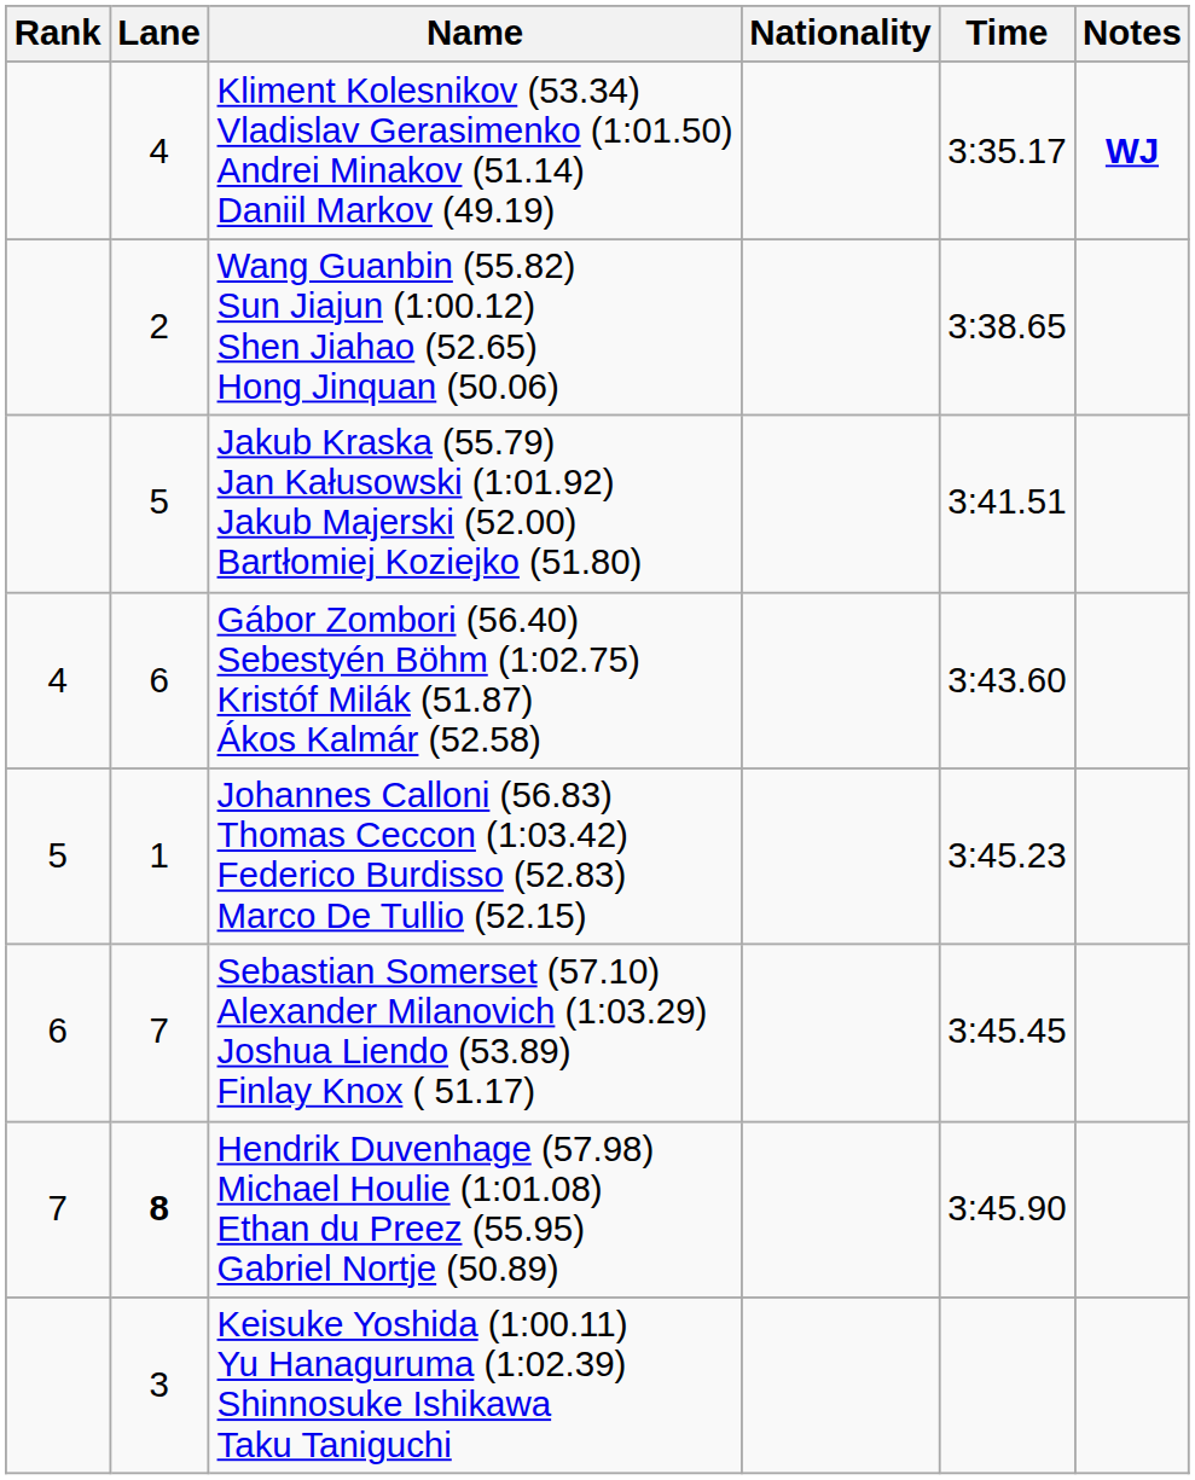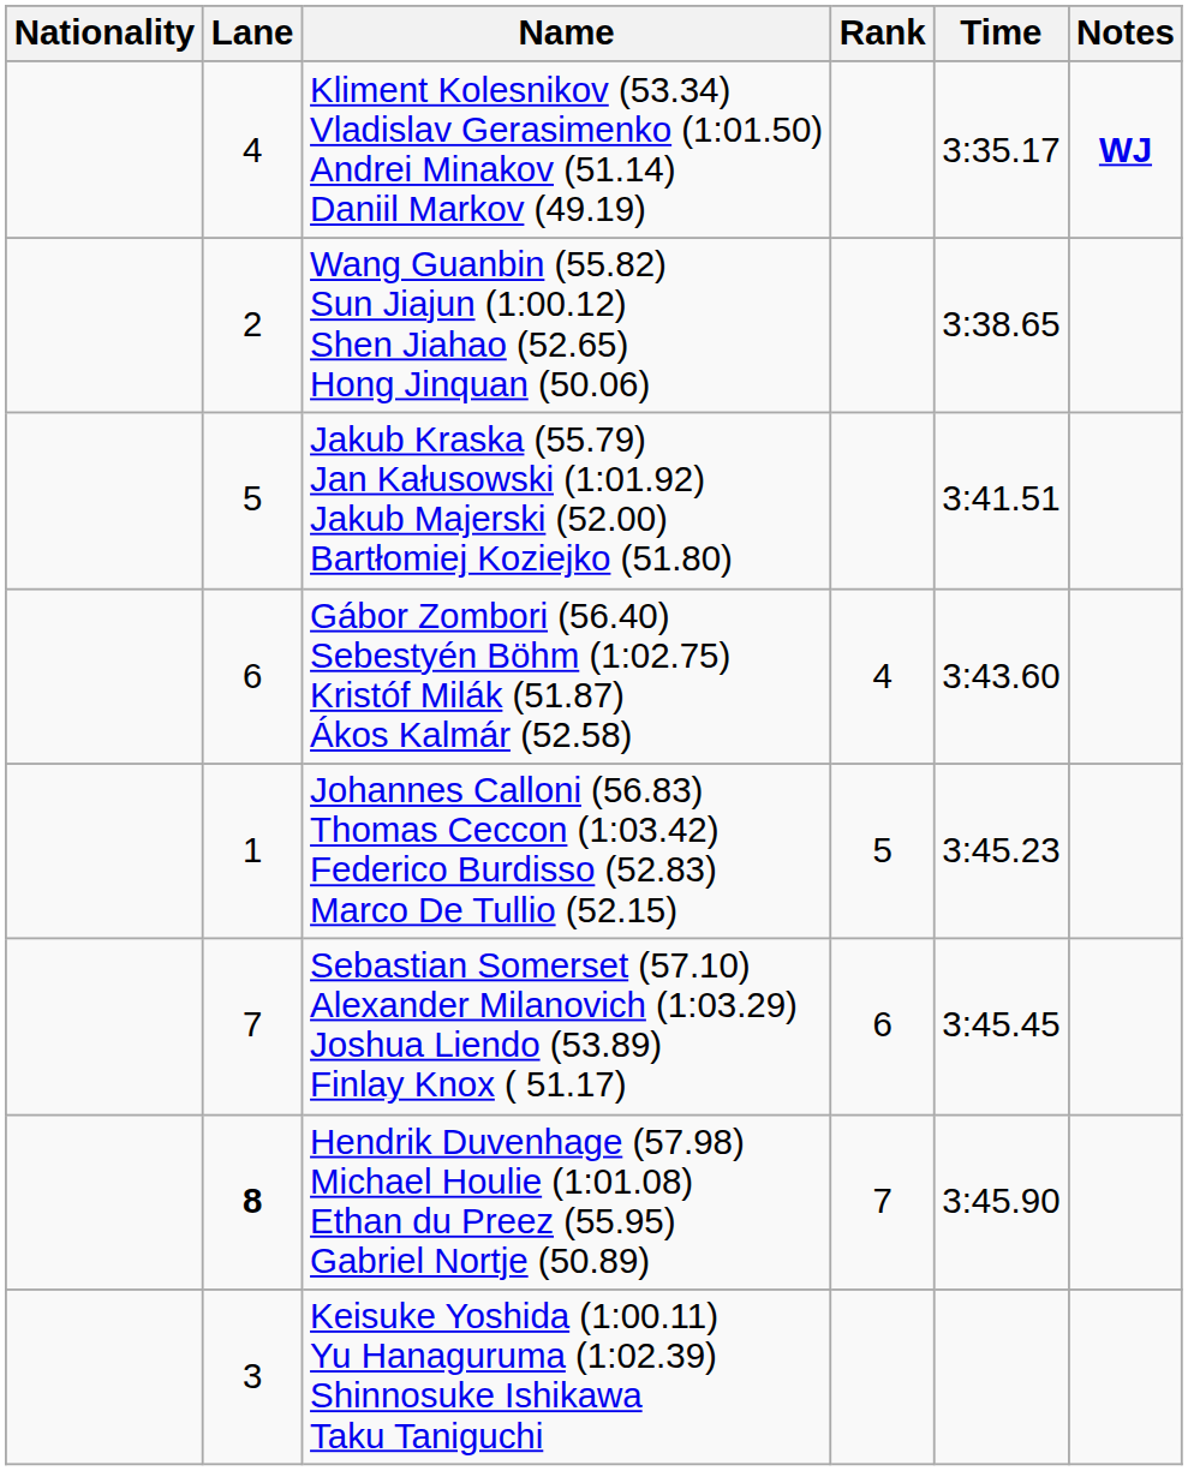 <table class="wikitable sortable" style="text-align:center">
 <tr>
-<th>Rank</th>
+<th>Nationality</th>
 <th>Lane</th>
 <th>Name</th>
-<th>Nationality</th>
+<th>Rank</th>
 <th>Time</th>
 <th>Notes</th>
 </tr>
 <tr>
-<td></td>
+<td align=left></td>
 <td>4</td>
 <td align=left><a href='#'>Kliment Kolesnikov</a> (53.34)<br><a href='#'>Vladislav Gerasimenko</a> (1:01.50)<br><a href='#'>Andrei Minakov</a> (51.14)<br><a href='#'>Daniil Markov</a> (49.19)</td>
-<td align=left></td>
+<td></td>
 <td>3:35.17</td>
 <td><strong><a href='#'>WJ</a></strong></td>
 </tr>
 <tr>
-<td></td>
+<td align=left></td>
 <td>2</td>
 <td align=left><a href='#'>Wang Guanbin</a> (55.82)<br><a href='#'>Sun Jiajun</a> (1:00.12)<br><a href='#'>Shen Jiahao</a> (52.65)<br><a href='#'>Hong Jinquan</a> (50.06)</td>
-<td align=left></td>
+<td></td>
 <td>3:38.65</td>
 <td></td>
 </tr>
 <tr>
-<td></td>
+<td align=left></td>
 <td>5</td>
 <td align=left><a href='#'>Jakub Kraska</a> (55.79)<br><a href='#'>Jan Kałusowski</a> (1:01.92)<br><a href='#'>Jakub Majerski</a> (52.00)<br><a href='#'>Bartłomiej Koziejko</a> (51.80)</td>
-<td align=left></td>
+<td></td>
 <td>3:41.51</td>
 <td></td>
 </tr>
 <tr>
-<td>4</td>
+<td align=left></td>
 <td>6</td>
 <td align=left><a href='#'>Gábor Zombori</a> (56.40)<br><a href='#'>Sebestyén Böhm</a> (1:02.75)<br><a href='#'>Kristóf Milák</a> (51.87)<br><a href='#'>Ákos Kalmár</a> (52.58)</td>
-<td align=left></td>
+<td>4</td>
 <td>3:43.60</td>
 <td></td>
 </tr>
 <tr>
-<td>5</td>
+<td align=left></td>
 <td>1</td>
 <td align=left><a href='#'>Johannes Calloni</a> (56.83)<br><a href='#'>Thomas Ceccon</a> (1:03.42)<br><a href='#'>Federico Burdisso</a> (52.83)<br><a href='#'>Marco De Tullio</a> (52.15)</td>
-<td align=left></td>
+<td>5</td>
 <td>3:45.23</td>
 <td></td>
 </tr>
 <tr>
-<td>6</td>
+<td align=left></td>
 <td>7</td>
 <td align=left><a href='#'>Sebastian Somerset</a> (57.10)<br><a href='#'>Alexander Milanovich</a> (1:03.29)<br><a href='#'>Joshua Liendo</a> (53.89)<br><a href='#'>Finlay Knox</a> ( 51.17)</td>
-<td align=left></td>
+<td>6</td>
 <td>3:45.45</td>
 <td></td>
 </tr>
 <tr>
-<td>7</td>
+<td align=left></td>
 <td><strong>8</strong></td>
 <td align=left><a href='#'>Hendrik Duvenhage</a> (57.98)<br><a href='#'>Michael Houlie</a> (1:01.08)<br><a href='#'>Ethan du Preez</a> (55.95)<br><a href='#'>Gabriel Nortje</a> (50.89)</td>
-<td align=left></td>
+<td>7</td>
 <td>3:45.90</td>
 <td></td>
 </tr>
 <tr>
-<td></td>
+<td align=left></td>
 <td>3</td>
 <td align=left><a href='#'>Keisuke Yoshida</a> (1:00.11)<br><a href='#'>Yu Hanaguruma</a> (1:02.39)<br><a href='#'>Shinnosuke Ishikawa</a><br><a href='#'>Taku Taniguchi</a></td>
-<td align=left></td>
+<td></td>
 <td></td>
 <td></td>
 </tr>
 </table>
